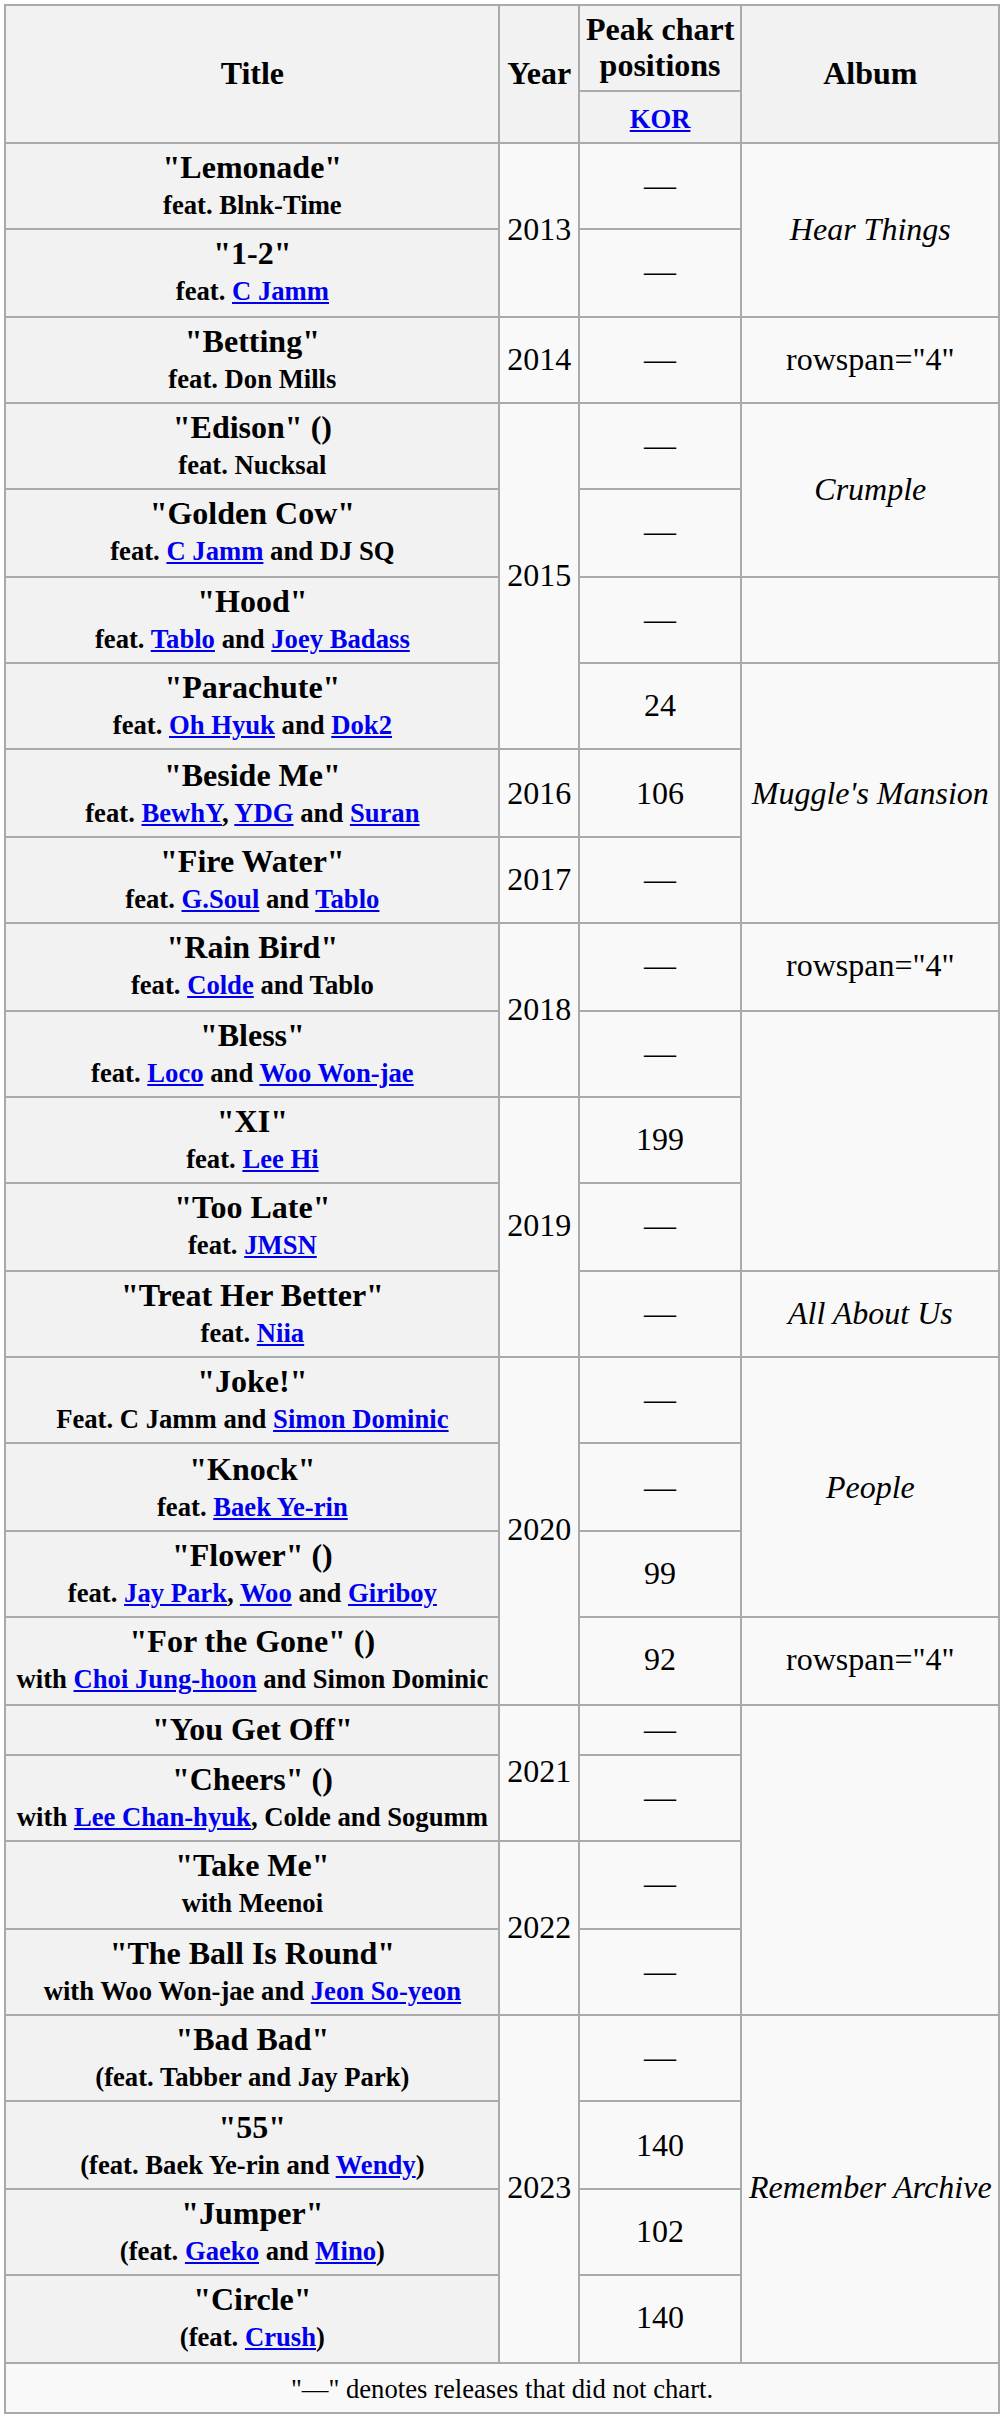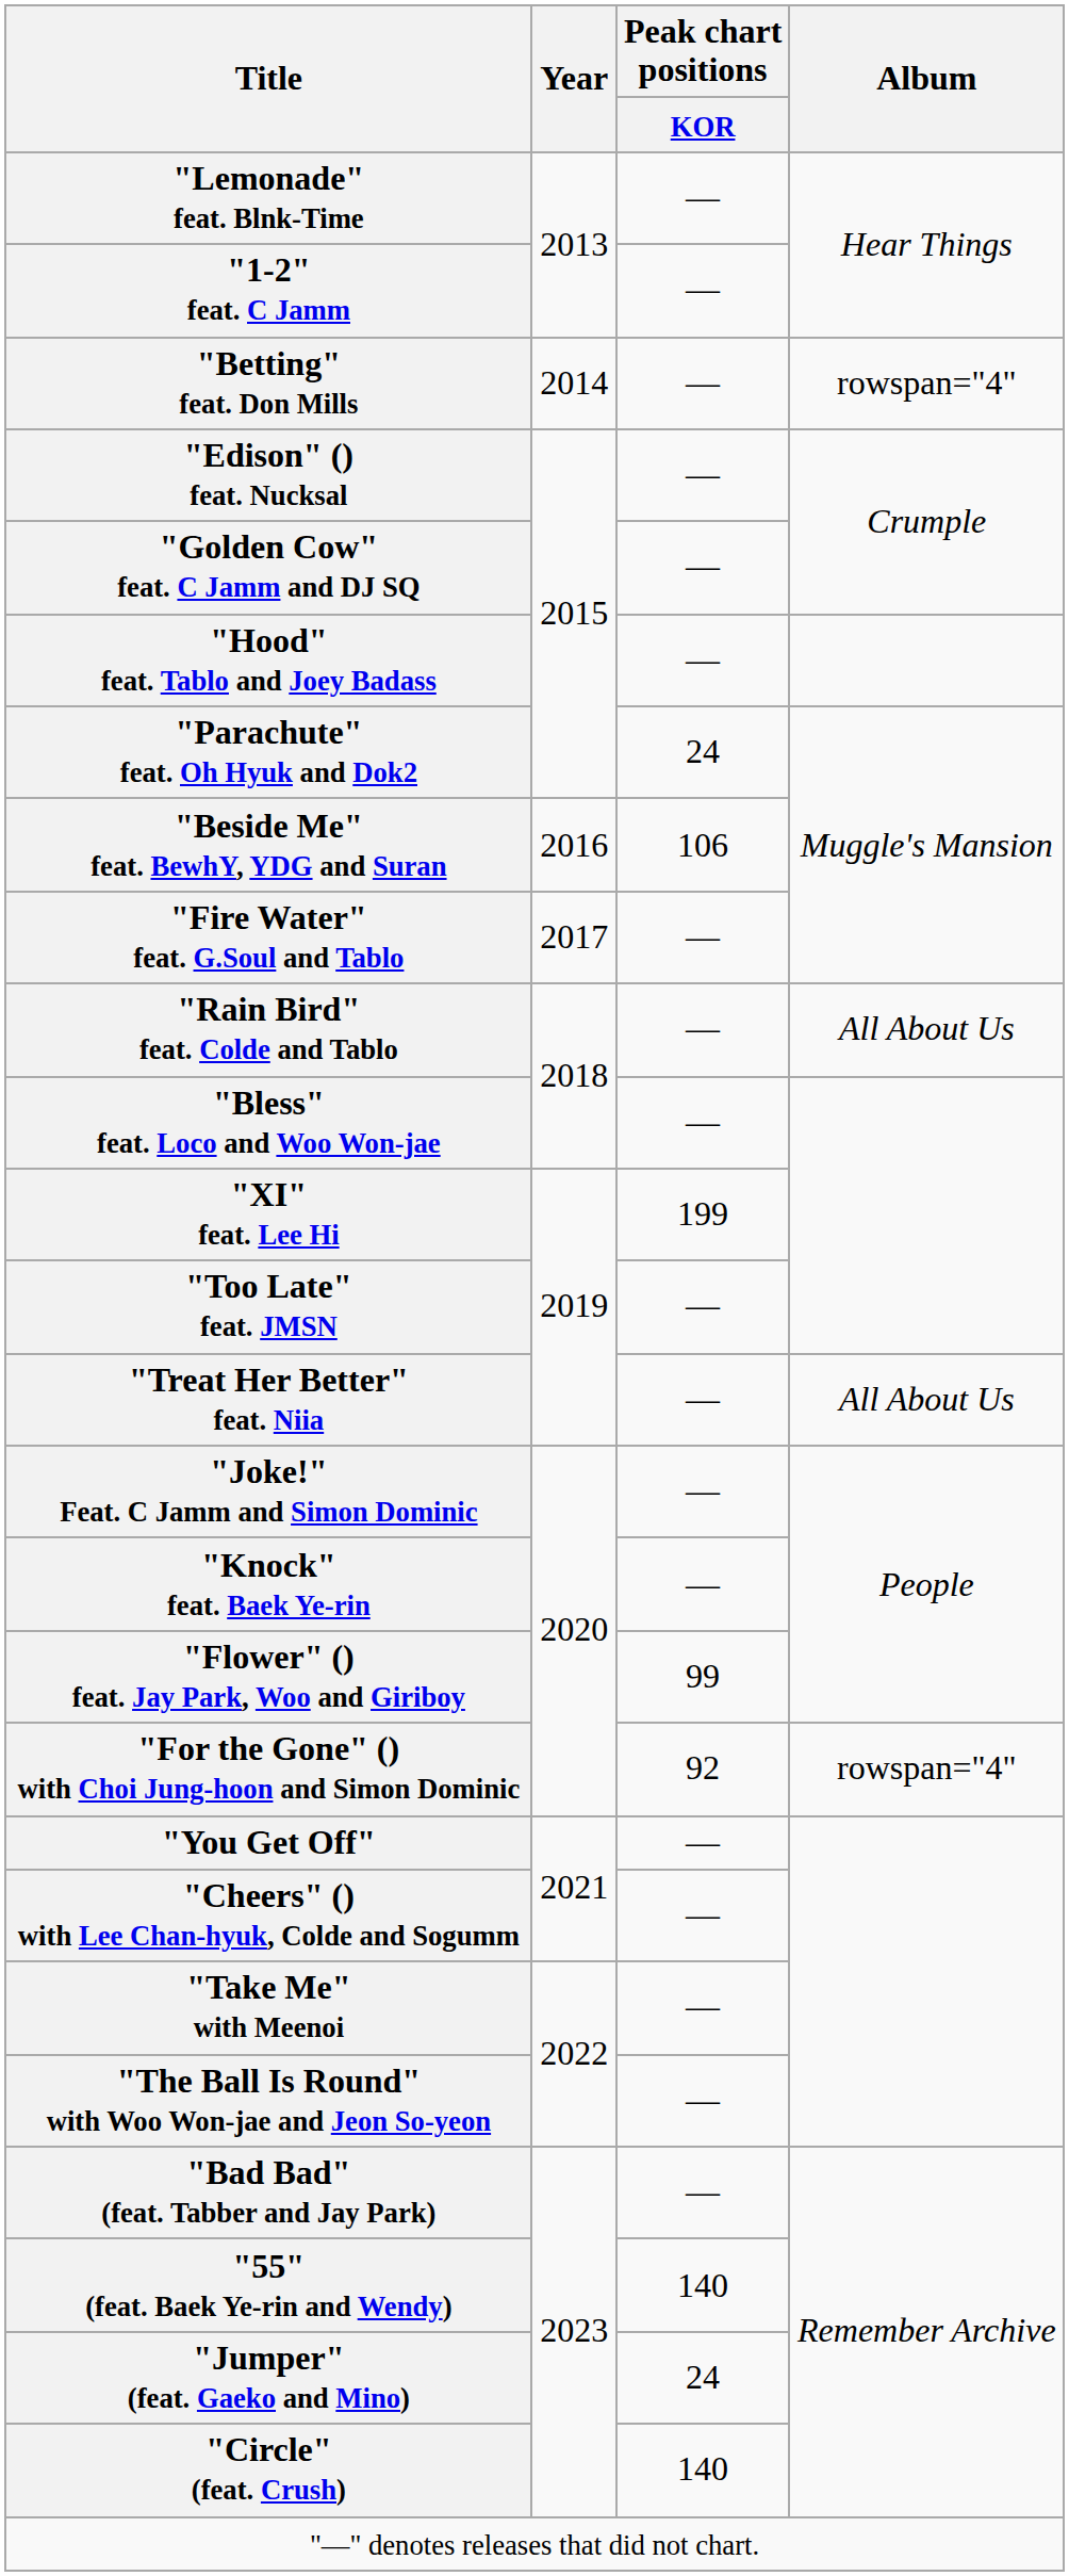 <table class="wikitable plainrowheaders" style="text-align:center;">
 <tr>
 <th scope="col" rowspan="2" style="width:15em;">Title</th>
 <th scope="col" rowspan="2">Year</th>
 <th scope="col" colspan="1">Peak chart <br> positions</th>
 <th scope="col" rowspan="2">Album</th>
 </tr>
 <tr>
 <th><small><a href='#'>KOR</a></small><br></th>
 </tr>
 <tr>
 <th scope="row">"Lemonade" <br><small>feat. Blnk-Time</small></th>
 <td rowspan="2">2013</td>
 <td>—</td>
 <td rowspan="2"><em>Hear Things</em></td>
 </tr>
 <tr>
 <th scope="row">"1-2" <br><small>feat. <a href='#'>C Jamm</a></small></th>
 <td>—</td>
 </tr>
 <tr>
 <th scope="row">"Betting" <br><small>feat. Don Mills</small></th>
 <td>2014</td>
 <td>—</td>
 <td>rowspan="4" </td>
 </tr>
 <tr>
 <th scope="row">"Edison" () <br><small>feat. Nucksal</small></th>
 <td rowspan="4">2015</td>
 <td>—</td>
 <td rowspan="2"><em>Crumple</em></td>
 </tr>
 <tr>
 <th scope="row">"Golden Cow" <br><small>feat. <a href='#'>C Jamm</a> and DJ SQ</small></th>
 <td>—</td>
 </tr>
 <tr>
 <th scope="row">"Hood" <br><small>feat. <a href='#'>Tablo</a> and <a href='#'>Joey Badass</a></small></th>
 <td>—</td>
 <td></td>
 </tr>
 <tr>
 <th scope="row">"Parachute" <br><small>feat. <a href='#'>Oh Hyuk</a> and <a href='#'>Dok2</a></small></th>
 <td>24</td>
 <td rowspan="3"><em>Muggle's Mansion</em></td>
 </tr>
 <tr>
 <th scope="row">"Beside Me" <br><small>feat. <a href='#'>BewhY</a>, <a href='#'>YDG</a> and <a href='#'>Suran</a></small></th>
 <td>2016</td>
 <td>106</td>
 </tr>
 <tr>
 <th scope="row">"Fire Water" <br><small>feat. <a href='#'>G.Soul</a> and <a href='#'>Tablo</a></small></th>
 <td>2017</td>
 <td>—</td>
 </tr>
 <tr>
 <th scope="row">"Rain Bird" <br><small>feat. <a href='#'>Colde</a> and Tablo</small></th>
 <td rowspan="2">2018</td>
 <td>—</td>
-<td>rowspan="4" </td>
+<td><em>All About Us</em></td>
 </tr>
 <tr>
 <th scope="row">"Bless"<br><small>feat. <a href='#'>Loco</a> and <a href='#'>Woo Won-jae</a></small></th>
 <td>—</td>
 </tr>
 <tr>
 <th scope="row">"XI"<br><small>feat. <a href='#'>Lee Hi</a></small></th>
 <td rowspan="3">2019</td>
 <td>199</td>
 </tr>
 <tr>
 <th scope="row">"Too Late"<br><small>feat. <a href='#'>JMSN</a></small></th>
 <td>—</td>
 </tr>
 <tr>
 <th scope="row">"Treat Her Better"<br><small>feat. <a href='#'>Niia</a></small></th>
 <td>—</td>
 <td><em>All About Us</em></td>
 </tr>
 <tr>
 <th scope="row">"Joke!"<br><small>Feat. C Jamm and <a href='#'>Simon Dominic</a></small></th>
 <td rowspan="4">2020</td>
 <td>—</td>
 <td rowspan="3"><em>People</em></td>
 </tr>
 <tr>
 <th scope="row">"Knock"<br><small>feat. <a href='#'>Baek Ye-rin</a></small></th>
 <td>—</td>
 </tr>
 <tr>
 <th scope="row">"Flower" () <br><small>feat. <a href='#'>Jay Park</a>, <a href='#'>Woo</a> and <a href='#'>Giriboy</a></small></th>
 <td>99</td>
 </tr>
 <tr>
 <th scope="row">"For the Gone" ()<br><small>with <a href='#'>Choi Jung-hoon</a> and Simon Dominic</small></th>
 <td>92</td>
 <td>rowspan="4" </td>
 </tr>
 <tr>
 <th scope="row">"You Get Off"</th>
 <td rowspan="2">2021</td>
 <td>—</td>
 </tr>
 <tr>
 <th scope="row">"Cheers" ()<br><small>with <a href='#'>Lee Chan-hyuk</a>, Colde and Sogumm</small></th>
 <td>—</td>
 </tr>
 <tr>
 <th scope="row">"Take Me"<br><small>with Meenoi</small></th>
 <td rowspan="2">2022</td>
 <td>—</td>
 </tr>
 <tr>
 <th scope="row">"The Ball Is Round"<br><small>with Woo Won-jae and <a href='#'>Jeon So-yeon</a></small></th>
 <td>—</td>
 </tr>
 <tr>
 <th scope="row">"Bad Bad"<br><small>(feat. Tabber and Jay Park)</small></th>
 <td rowspan="4">2023</td>
 <td>—</td>
 <td rowspan="4"><em>Remember Archive</em></td>
 </tr>
 <tr>
 <th scope="row">"55"<br><small>(feat. Baek Ye-rin and <a href='#'>Wendy</a>)</small></th>
 <td>140</td>
 </tr>
 <tr>
 <th scope="row">"Jumper"<br><small>(feat. <a href='#'>Gaeko</a> and <a href='#'>Mino</a>)</small></th>
-<td>102</td>
+<td>24</td>
 </tr>
 <tr>
 <th scope="row">"Circle"<br><small>(feat. <a href='#'>Crush</a>)</small></th>
 <td>140</td>
 </tr>
 <tr>
 <td colspan="4" align="center"><small>"—" denotes releases that did not chart.</small></td>
 </tr>
 </table>
